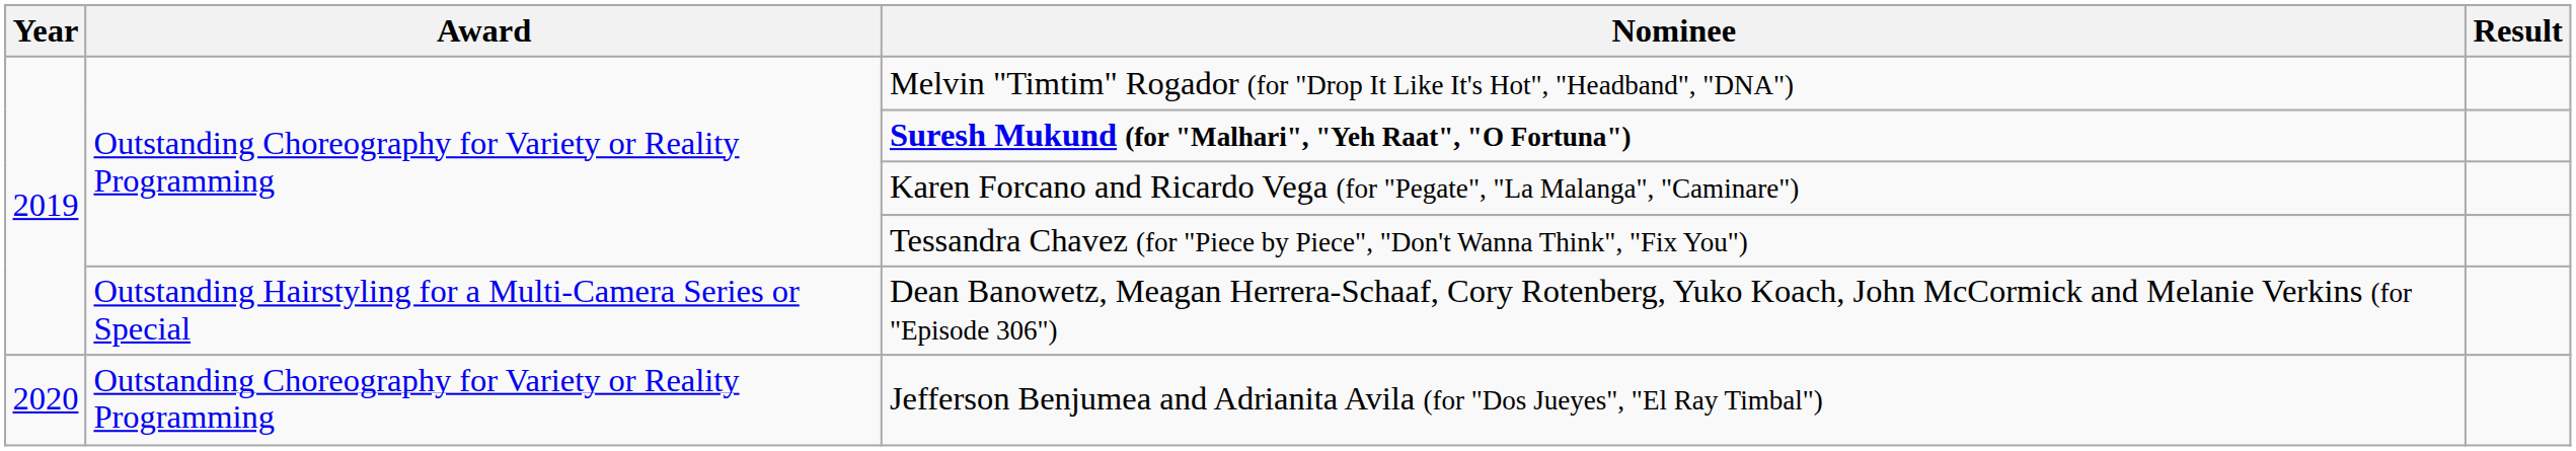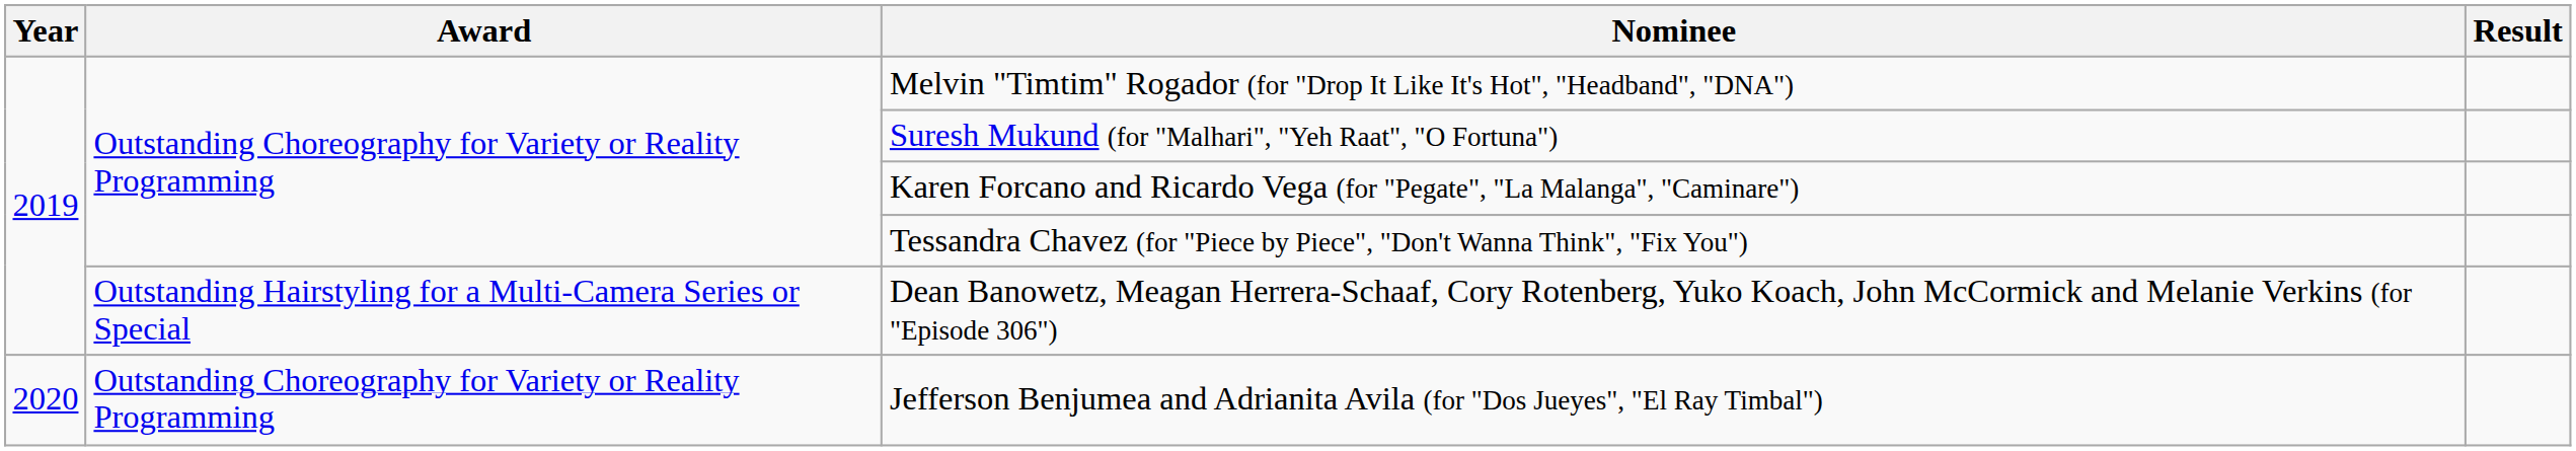 <table class="wikitable">
 <tr>
 <th>Year</th>
 <th>Award</th>
 <th>Nominee</th>
 <th>Result</th>
 </tr>
 <tr>
 <td rowspan="5"><a href='#'>2019</a></td>
 <td rowspan="4"><a href='#'>Outstanding Choreography for Variety or Reality Programming</a></td>
 <td>Melvin "Timtim" Rogador <small>(for "Drop It Like It's Hot", "Headband", "DNA")</small></td>
 <td></td>
 </tr>
 <tr>
-<td><strong><a href='#'>Suresh Mukund</a> <small>(for "Malhari", "Yeh Raat", "O Fortuna")</small></strong></td>
+<td><a href='#'>Suresh Mukund</a> <small>(for "Malhari", "Yeh Raat", "O Fortuna")</small></td>
 <td></td>
 </tr>
 <tr>
 <td>Karen Forcano and Ricardo Vega <small>(for "Pegate", "La Malanga", "Caminare")</small></td>
 <td></td>
 </tr>
 <tr>
 <td>Tessandra Chavez <small>(for "Piece by Piece", "Don't Wanna Think", "Fix You")</small></td>
 <td></td>
 </tr>
 <tr>
 <td><a href='#'>Outstanding Hairstyling for a Multi-Camera Series or Special</a></td>
 <td>Dean Banowetz, Meagan Herrera-Schaaf, Cory Rotenberg, Yuko Koach, John McCormick and Melanie Verkins <small>(for "Episode 306")</small></td>
 <td></td>
 </tr>
 <tr>
 <td rowspan="1"><a href='#'>2020</a></td>
 <td><a href='#'>Outstanding Choreography for Variety or Reality Programming</a></td>
 <td>Jefferson Benjumea and Adrianita Avila <small>(for "Dos Jueyes", "El Ray Timbal")</small></td>
 <td></td>
 </tr>
 </table>
